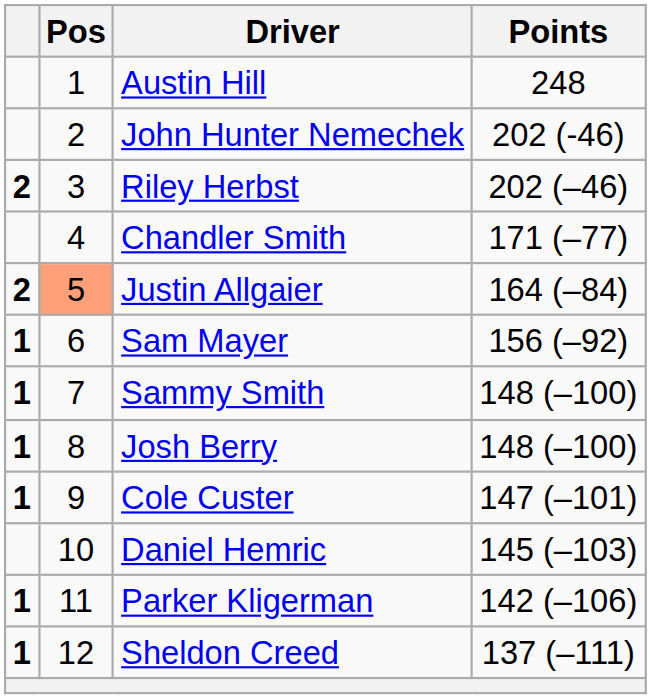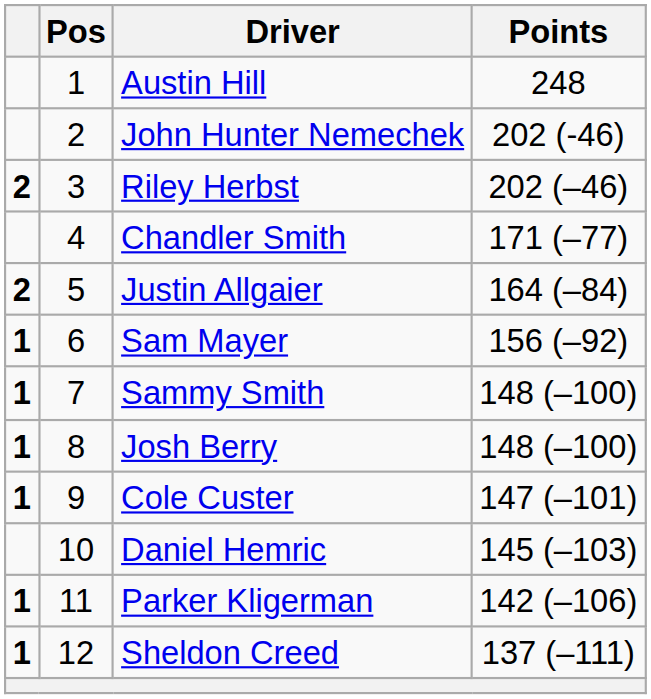 <table class="wikitable" style="font-size: 95%;">
 <tr>
 <th></th>
 <th>Pos</th>
 <th>Driver</th>
 <th>Points</th>
 </tr>
 <tr>
 <td align="left"></td>
 <td style="text-align:center;">1</td>
 <td><a href='#'>Austin Hill</a></td>
 <td style="text-align:center;">248</td>
 </tr>
 <tr>
 <td align="left"></td>
 <td style="text-align:center;">2</td>
 <td><a href='#'>John Hunter Nemechek</a></td>
 <td style="text-align:center;">202 (-46)</td>
 </tr>
 <tr>
 <td align="left"> <strong>2</strong></td>
 <td style="text-align:center;">3</td>
 <td><a href='#'>Riley Herbst</a></td>
 <td style="text-align:center;">202 (–46)</td>
 </tr>
 <tr>
 <td align="left"></td>
 <td style="text-align:center;">4</td>
 <td><a href='#'>Chandler Smith</a></td>
 <td style="text-align:center;">171 (–77)</td>
 </tr>
 <tr>
 <td align="left"> <strong>2</strong></td>
-<td style="background: lightsalmon; text-align:center;">5</td>
+<td style="text-align:center;">5</td>
 <td><a href='#'>Justin Allgaier</a></td>
 <td style="text-align:center;">164 (–84)</td>
 </tr>
 <tr>
 <td align="left"> <strong>1</strong></td>
 <td style="text-align:center;">6</td>
 <td><a href='#'>Sam Mayer</a></td>
 <td style="text-align:center;">156 (–92)</td>
 </tr>
 <tr>
 <td align="left"> <strong>1</strong></td>
 <td style="text-align:center;">7</td>
 <td><a href='#'>Sammy Smith</a></td>
 <td style="text-align:center;">148 (–100)</td>
 </tr>
 <tr>
 <td align="left"> <strong>1</strong></td>
 <td style="text-align:center;">8</td>
 <td><a href='#'>Josh Berry</a></td>
 <td style="text-align:center;">148 (–100)</td>
 </tr>
 <tr>
 <td align="left"> <strong>1</strong></td>
 <td style="text-align:center;">9</td>
 <td><a href='#'>Cole Custer</a></td>
 <td style="text-align:center;">147 (–101)</td>
 </tr>
 <tr>
 <td align="left"></td>
 <td style="text-align:center;">10</td>
 <td><a href='#'>Daniel Hemric</a></td>
 <td style="text-align:center;">145 (–103)</td>
 </tr>
 <tr>
 <td align="left"> <strong>1</strong></td>
 <td style="text-align:center;">11</td>
 <td><a href='#'>Parker Kligerman</a></td>
 <td style="text-align:center;">142 (–106)</td>
 </tr>
 <tr>
 <td align="left"> <strong>1</strong></td>
 <td style="text-align:center;">12</td>
 <td><a href='#'>Sheldon Creed</a></td>
 <td style="text-align:center;">137 (–111)</td>
 </tr>
 <tr class="sortbottom">
 <th colspan="9"></th>
 </tr>
 </table>
